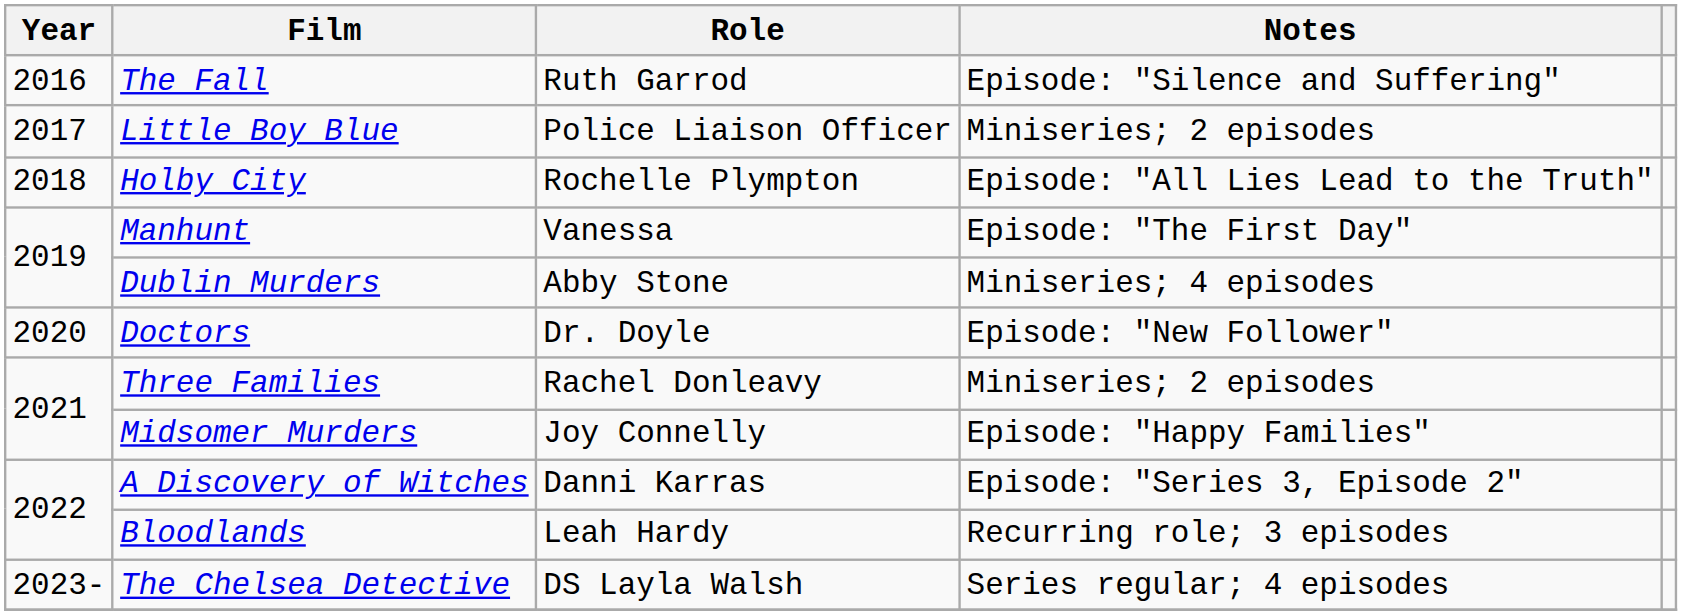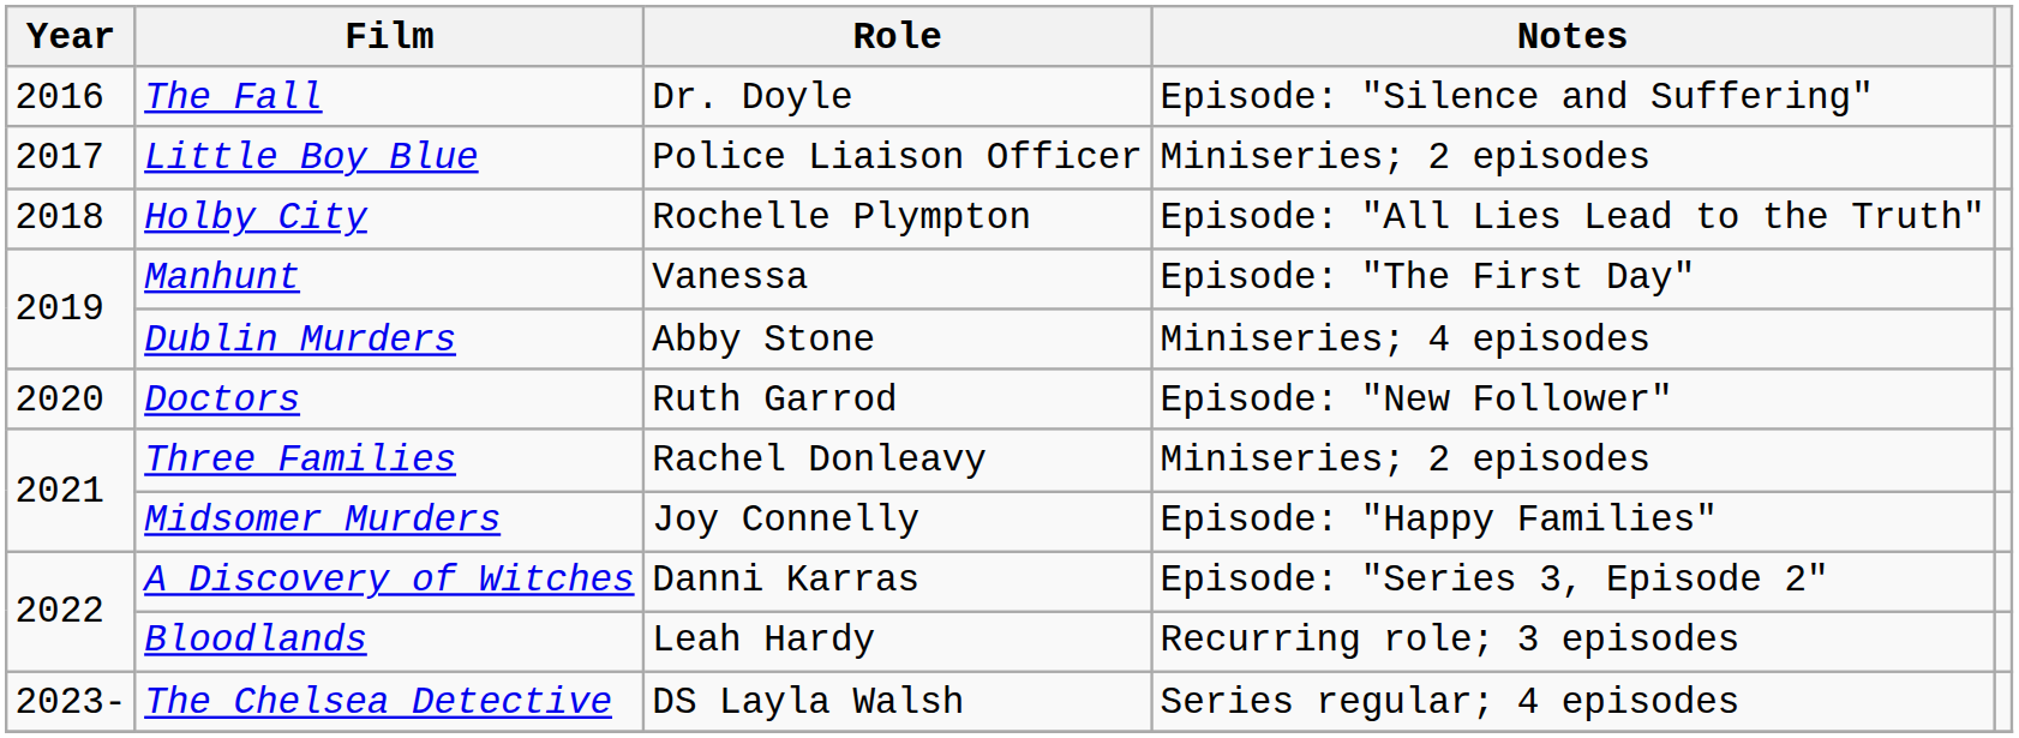 <table class="wikitable">
 <tr>
 <th>Year</th>
 <th>Film</th>
 <th>Role</th>
 <th>Notes</th>
 <th class="unsortable"></th>
 </tr>
 <tr>
 <td>2016</td>
 <td><em><a href='#'>The Fall</a></em></td>
-<td>Ruth Garrod</td>
+<td>Dr. Doyle</td>
 <td>Episode: "Silence and Suffering"</td>
 <td></td>
 </tr>
 <tr>
 <td>2017</td>
 <td><em><a href='#'>Little Boy Blue</a></em></td>
 <td>Police Liaison Officer</td>
 <td>Miniseries; 2 episodes</td>
 <td></td>
 </tr>
 <tr>
 <td>2018</td>
 <td><em><a href='#'>Holby City</a></em></td>
 <td>Rochelle Plympton</td>
 <td>Episode: "All Lies Lead to the Truth"</td>
 <td></td>
 </tr>
 <tr>
 <td rowspan="2">2019</td>
 <td><em><a href='#'>Manhunt</a></em></td>
 <td>Vanessa</td>
 <td>Episode: "The First Day"</td>
 <td></td>
 </tr>
 <tr>
 <td><em><a href='#'>Dublin Murders</a></em></td>
 <td>Abby Stone</td>
 <td>Miniseries; 4 episodes</td>
 <td></td>
 </tr>
 <tr>
 <td>2020</td>
 <td><em><a href='#'>Doctors</a></em></td>
-<td>Dr. Doyle</td>
+<td>Ruth Garrod</td>
 <td>Episode: "New Follower"</td>
 <td></td>
 </tr>
 <tr>
 <td rowspan="2">2021</td>
 <td><em><a href='#'>Three Families</a></em></td>
 <td>Rachel Donleavy</td>
 <td>Miniseries; 2 episodes</td>
 <td></td>
 </tr>
 <tr>
 <td><em><a href='#'>Midsomer Murders</a></em></td>
 <td>Joy Connelly</td>
 <td>Episode: "Happy Families"</td>
 <td></td>
 </tr>
 <tr>
 <td rowspan="2">2022</td>
 <td><em><a href='#'>A Discovery of Witches</a></em></td>
 <td>Danni Karras</td>
 <td>Episode: "Series 3, Episode 2"</td>
 <td></td>
 </tr>
 <tr>
 <td><em><a href='#'>Bloodlands</a></em></td>
 <td>Leah Hardy</td>
 <td>Recurring role; 3 episodes</td>
 <td></td>
 </tr>
 <tr>
 <td>2023-</td>
 <td><em><a href='#'>The Chelsea Detective</a></em></td>
 <td>DS Layla Walsh</td>
 <td>Series regular; 4 episodes</td>
 <td></td>
 </tr>
 <tr>
 </tr>
 </table>
